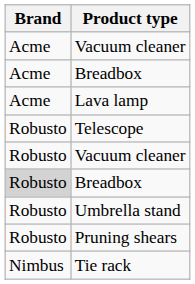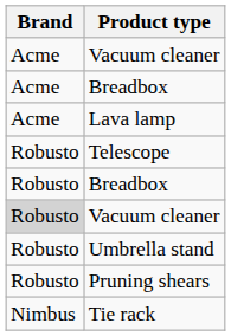 <table class="wikitable" style="margin-left:20px;float:left;">
 <tr>
 <th>Brand</th>
 <th>Product type</th>
 </tr>
 <tr>
 <td>Acme</td>
 <td>Vacuum cleaner</td>
 </tr>
 <tr>
 <td>Acme</td>
 <td>Breadbox</td>
 </tr>
 <tr>
 <td>Acme</td>
 <td>Lava lamp</td>
 </tr>
 <tr>
 <td>Robusto</td>
 <td>Telescope</td>
 </tr>
 <tr>
 <td>Robusto</td>
-<td>Vacuum cleaner</td>
+<td>Breadbox</td>
 </tr>
 <tr>
 <td style="background: lightgrey;">Robusto</td>
-<td>Breadbox</td>
+<td>Vacuum cleaner</td>
 </tr>
 <tr>
 <td>Robusto</td>
 <td>Umbrella stand</td>
 </tr>
 <tr>
 <td>Robusto</td>
 <td>Pruning shears</td>
 </tr>
 <tr>
 <td>Nimbus</td>
 <td>Tie rack</td>
 </tr>
 </table>
